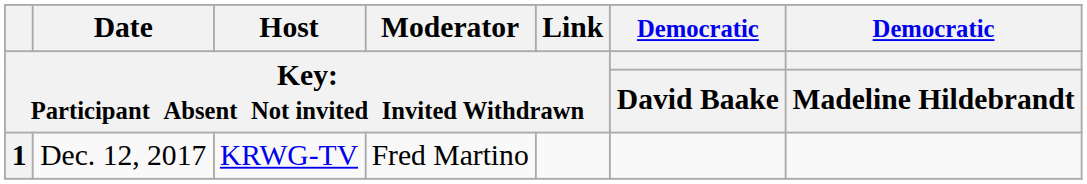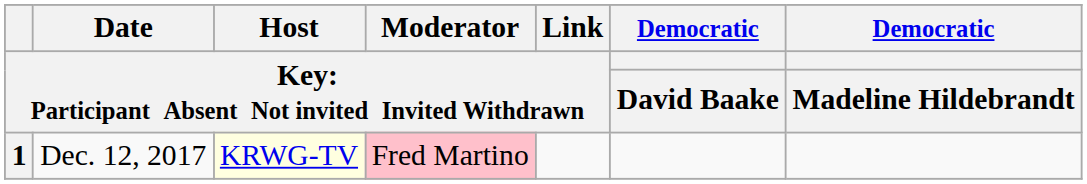 <table class="wikitable" style="text-align:center;">
 <tr>
 <th scope="col"></th>
 <th scope="col">Date</th>
 <th scope="col">Host</th>
 <th scope="col">Moderator</th>
 <th scope="col">Link</th>
 <th scope="col"><small><a href='#'>Democratic</a></small></th>
 <th scope="col"><small><a href='#'>Democratic</a></small></th>
 </tr>
 <tr>
 <th colspan="5" rowspan="2">Key:<br> <small>Participant </small>  <small>Absent </small>  <small>Not invited </small>  <small>Invited  Withdrawn</small></th>
 <th scope="col" style="background:"></th>
 <th scope="col" style="background:"></th>
 </tr>
 <tr>
 <th scope="col">David Baake</th>
 <th scope="col">Madeline Hildebrandt</th>
 </tr>
 <tr>
 <th>1</th>
 <td style="white-space:nowrap;">Dec. 12, 2017</td>
-<td style="white-space:nowrap;"><a href='#'>KRWG-TV</a></td>
-<td style="white-space:nowrap;">Fred Martino</td>
+<td style="background: lightyellow; white-space:nowrap;"><a href='#'>KRWG-TV</a></td>
+<td style="background: pink; white-space:nowrap;">Fred Martino</td>
 <td style="white-space:nowrap;"></td>
 <td></td>
 <td></td>
 </tr>
 </table>
